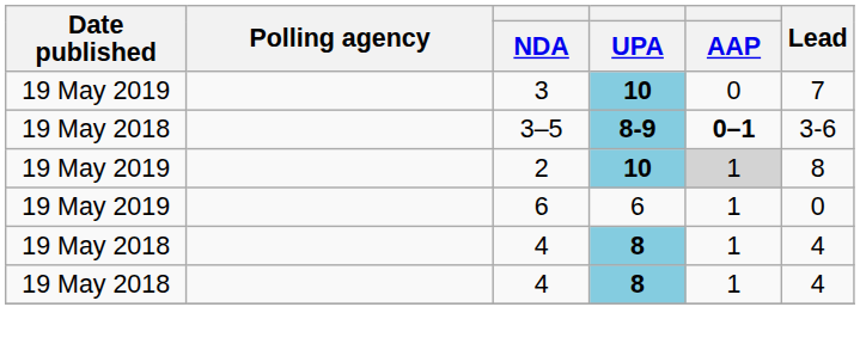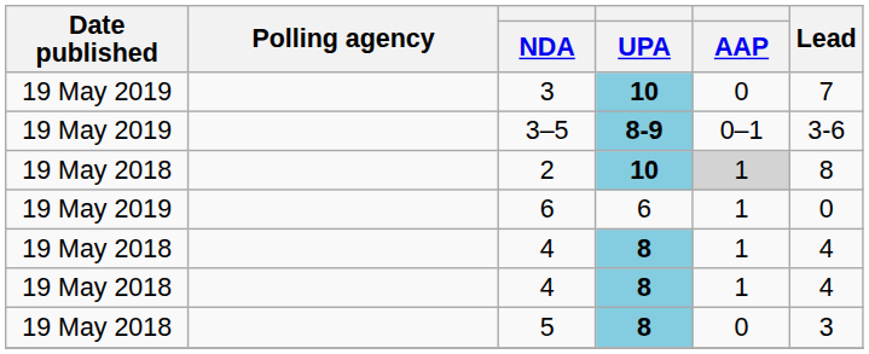 <table class="wikitable sortable" style="text-align:center;font-size:95%;line-height:16px">
 <tr>
 <th rowspan="2" width="100px">Date published</th>
 <th rowspan="2" width="175px">Polling agency</th>
 <th style="color:inherit;background:"></th>
 <th style="color:inherit;background:"></th>
 <th style="color:inherit;background:"></th>
 <th rowspan="2">Lead</th>
 </tr>
 <tr>
 <th width="50px" class="unsortable"><a href='#'>NDA</a></th>
 <th width="50px" class="unsortable"><a href='#'>UPA</a></th>
 <th width="50px" class="unsortable"><a href='#'>AAP</a></th>
 </tr>
 <tr>
 <td>19 May 2019</td>
 <td> </td>
 <td>3</td>
 <td style="background:#84CCE0"><strong>10</strong></td>
 <td>0</td>
 <td style="background:">7</td>
 </tr>
 <tr>
-<td>19 May 2018</td>
+<td>19 May 2019</td>
 <td></td>
 <td>3–5</td>
 <td style="background:#84CCE0"><strong>8-9</strong></td>
-<td><strong>0–1</strong></td>
+<td>0–1</td>
 <td style="background:">3-6</td>
 </tr>
 <tr>
-<td>19 May 2019</td>
+<td>19 May 2018</td>
 <td></td>
 <td>2</td>
 <td style="background:#84CCE0"><strong>10</strong></td>
 <td style="background: lightgrey;">1</td>
 <td style="background:">8</td>
 </tr>
 <tr>
 <td>19 May 2019</td>
 <td></td>
 <td>6</td>
 <td>6</td>
 <td>1</td>
 <td>0</td>
 </tr>
 <tr>
 <td>19 May 2018</td>
 <td></td>
 <td>4</td>
 <td style="background:#84CCE0"><strong>8</strong></td>
 <td>1</td>
 <td style="background:">4</td>
 </tr>
 <tr>
 <td>19 May 2018</td>
 <td></td>
 <td>4</td>
 <td style="background:#84CCE0"><strong>8</strong></td>
 <td>1</td>
 <td style="background:">4</td>
 </tr>
 <tr>
+<td>19 May 2018</td>
+<td></td>
+<td>5</td>
+<td style="background:#84CCE0"><strong>8</strong></td>
+<td>0</td>
+<td style="background:">3</td>
+</tr>
+<tr>
 </tr>
 </table>
